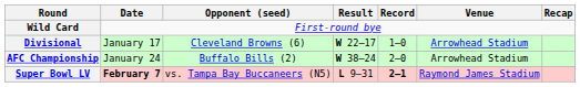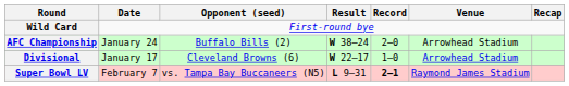 <table class="wikitable" style="text-align:center">
 <tr>
 <th>Round</th>
 <th>Date</th>
 <th>Opponent (seed)</th>
 <th>Result</th>
 <th>Record</th>
 <th>Venue</th>
 <th>Recap</th>
 </tr>
 <tr>
 <th>Wild Card</th>
 <td colspan="6"><em><a href='#'>First-round bye</a></em></td>
 </tr>
 <tr style="background:#cfc">
+<th><a href='#'>AFC Championship</a></th>
+<td>January 24</td>
+<td><a href='#'>Buffalo Bills</a> (2)</td>
+<td><strong>W</strong> 38–24</td>
+<td>2–0</td>
+<td>Arrowhead Stadium</td>
+<td></td>
+</tr>
+<tr style="background:#cfc">
 <th><a href='#'>Divisional</a></th>
 <td>January 17</td>
 <td><a href='#'>Cleveland Browns</a> (6)</td>
 <td><strong>W</strong> 22–17</td>
 <td>1–0</td>
 <td><a href='#'>Arrowhead Stadium</a></td>
 <td></td>
 </tr>
-<tr style="background:#cfc">
-<th><a href='#'>AFC Championship</a></th>
-<td>January 24</td>
-<td><a href='#'>Buffalo Bills</a> (2)</td>
-<td><strong>W</strong> 38–24</td>
-<td>2–0</td>
-<td>Arrowhead Stadium</td>
-<td></td>
-</tr>
 <tr style="background:#fcc">
 <th><a href='#'>Super Bowl LV</a></th>
-<td><strong>February 7</strong></td>
+<td>February 7</td>
 <td>vs. <a href='#'>Tampa Bay Buccaneers</a> (N5)</td>
 <td><strong>L</strong> 9–31</td>
 <td><strong>2–1</strong></td>
 <td><a href='#'>Raymond James Stadium</a></td>
 <td></td>
 </tr>
 </table>
